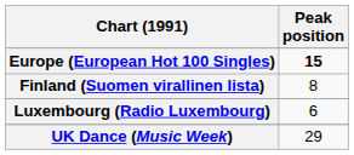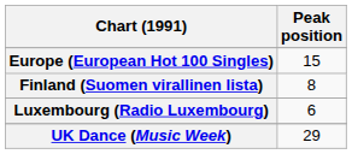 <table class="wikitable sortable plainrowheaders" style="text-align:center">
 <tr>
 <th scope="col">Chart (1991)</th>
 <th scope="col">Peak<br>position</th>
 </tr>
 <tr>
 </tr>
 <tr>
 </tr>
 <tr>
 <th scope="row">Europe (<a href='#'>European Hot 100 Singles</a>)</th>
-<td><strong>15</strong></td>
+<td>15</td>
 </tr>
 <tr>
 <th scope="row">Finland (<a href='#'>Suomen virallinen lista</a>)</th>
 <td>8</td>
 </tr>
 <tr>
 </tr>
 <tr>
 <th scope="row">Luxembourg (<a href='#'>Radio Luxembourg</a>)</th>
 <td align="center">6</td>
 </tr>
 <tr>
 </tr>
 <tr>
 <th scope="row"><a href='#'>UK Dance</a> (<em><a href='#'>Music Week</a></em>)</th>
 <td>29</td>
 </tr>
 </table>
